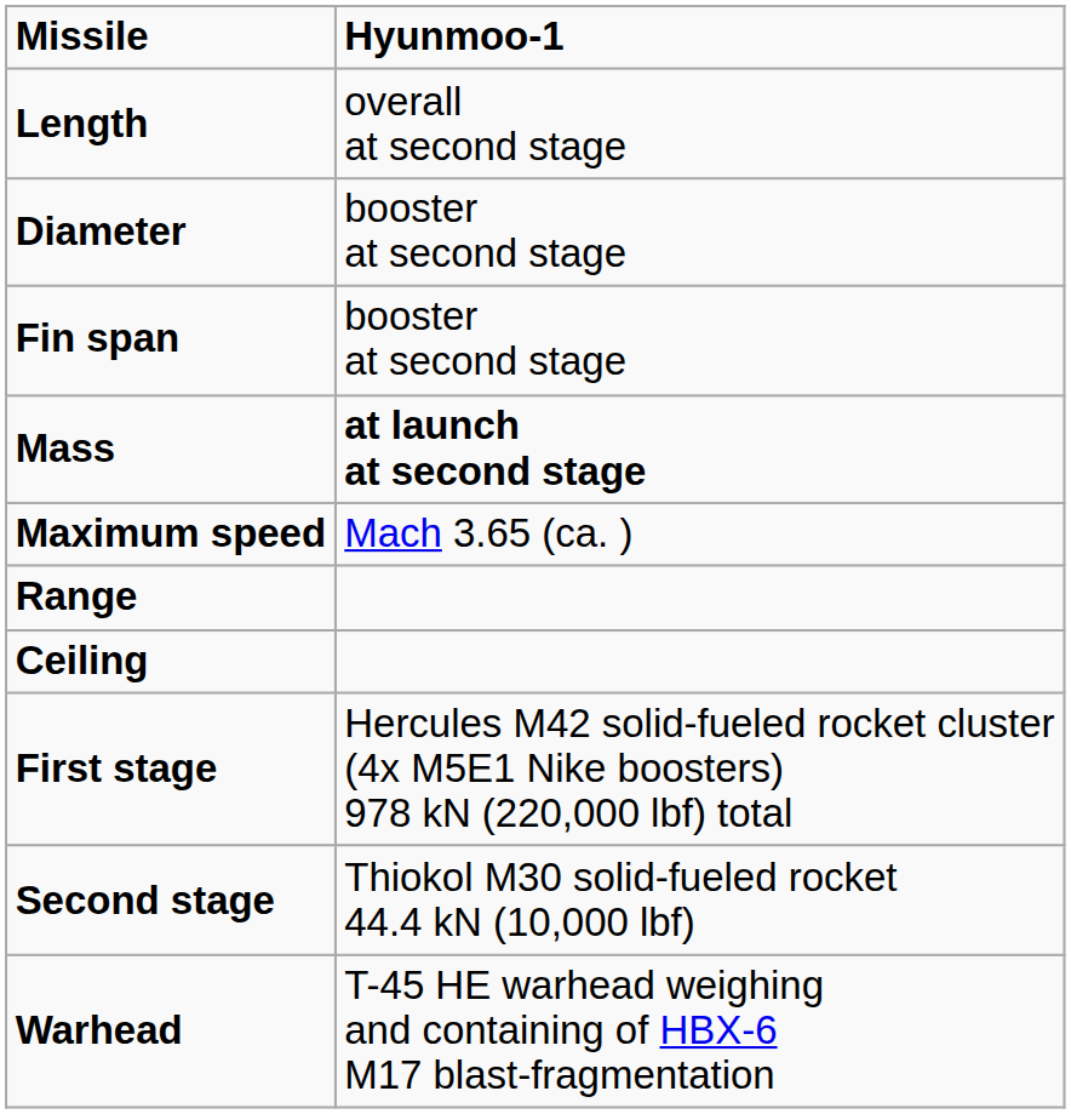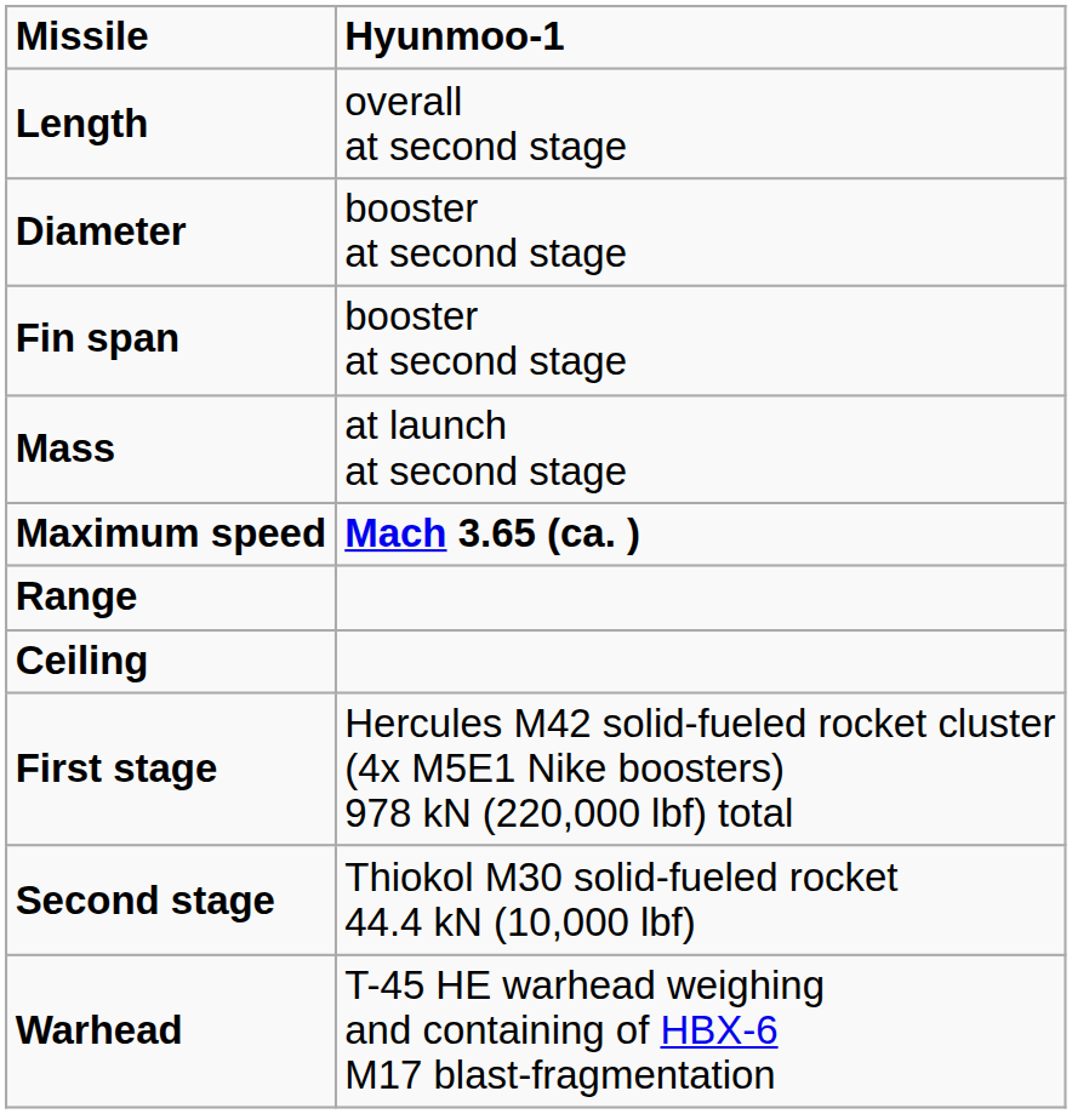 <table class="wikitable">
 <tr>
 <td><strong>Missile</strong></td>
 <td><strong>Hyunmoo-1</strong></td>
 </tr>
 <tr>
 <td><strong>Length</strong></td>
 <td> overall <br>  at second stage</td>
 </tr>
 <tr>
 <td><strong>Diameter</strong></td>
 <td> booster <br>  at second stage</td>
 </tr>
 <tr>
 <td><strong>Fin span</strong></td>
 <td> booster <br>  at second stage</td>
 </tr>
 <tr>
 <td><strong>Mass</strong></td>
-<td><strong> at launch <br>  at second stage</strong></td>
+<td> at launch <br>  at second stage</td>
 </tr>
 <tr>
 <td><strong>Maximum speed</strong></td>
-<td><a href='#'>Mach</a> 3.65 (ca. )</td>
+<td><strong><a href='#'>Mach</a> 3.65 (ca. )</strong></td>
 </tr>
 <tr>
 <td><strong>Range</strong></td>
 <td></td>
 </tr>
 <tr>
 <td><strong>Ceiling</strong></td>
 <td></td>
 </tr>
 <tr>
 <td><strong>First stage</strong></td>
 <td>Hercules M42 solid-fueled rocket cluster <br> (4x M5E1 Nike boosters) <br> 978 kN (220,000 lbf) total</td>
 </tr>
 <tr>
 <td><strong>Second stage</strong></td>
 <td>Thiokol M30 solid-fueled rocket <br> 44.4 kN (10,000 lbf)</td>
 </tr>
 <tr>
 <td><strong>Warhead</strong></td>
 <td>T-45 HE warhead weighing <br>  and containing  of <a href='#'>HBX-6</a> <br> M17 blast-fragmentation</td>
 </tr>
 </table>
